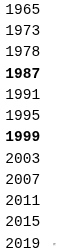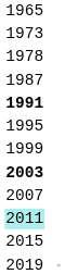 <table>
 <tr>
 <td>1965</td>
 <td></td>
 <td></td>
 <td></td>
 </tr>
 <tr>
 <td>1973</td>
 <td></td>
 <td></td>
 <td><br></td>
 </tr>
 <tr>
 <td>1978</td>
 <td></td>
 <td></td>
 <td><br></td>
 </tr>
 <tr>
-<td><strong>1987</strong></td>
+<td>1987</td>
 <td></td>
 <td></td>
 <td><br></td>
 </tr>
 <tr>
-<td>1991</td>
+<td><strong>1991</strong></td>
 <td></td>
 <td></td>
 <td><br></td>
 </tr>
 <tr>
 <td>1995</td>
 <td></td>
 <td></td>
 <td><br></td>
 </tr>
 <tr>
-<td><strong>1999</strong></td>
+<td>1999</td>
 <td></td>
 <td></td>
 <td><br></td>
 </tr>
 <tr>
-<td>2003</td>
+<td><strong>2003</strong></td>
 <td></td>
 <td></td>
 <td><br></td>
 </tr>
 <tr>
 <td>2007</td>
 <td></td>
 <td></td>
 <td> <br> </td>
 </tr>
 <tr>
-<td>2011</td>
+<td style="background: paleturquoise;">2011</td>
 <td></td>
 <td></td>
 <td><br></td>
 </tr>
 <tr>
 <td>2015</td>
 <td></td>
 <td></td>
 <td> <br> </td>
 </tr>
 <tr>
 <td>2019</td>
 <td></td>
 <td></td>
 <td><hr></td>
 </tr>
 </table>
